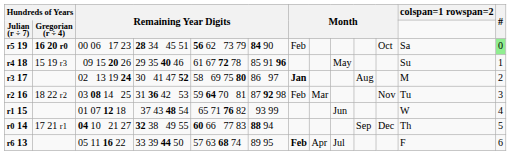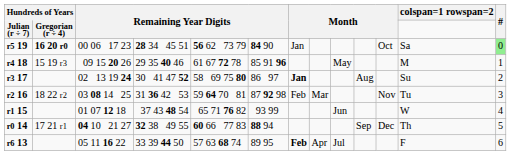 <table class=wikitable>
 <tr>
 <th colspan=2 style="line-height:10px; border-bottom:none"><small>Hundreds of Years</small></th>
 <th colspan=4 rowspan=2>Remaining Year Digits</th>
 <th colspan=5 rowspan=2>Month</th>
 <th>colspan=1 rowspan=2 </th>
 <th colspan=1 rowspan=2>#</th>
 </tr>
 <tr>
 <th style="border-top:none; line-height:10px"><small>Julian<br>(r ÷ 7)</small></th>
 <th style="border-top:none; line-height:10px"><small>Gregorian<br>(r ÷ 4)</small></th>
 </tr>
 <tr>
 <td><small><strong>r5</strong></small> <strong>19</strong></td>
 <td><strong>16</strong> <strong>20</strong> <small><strong>r0</strong></small></td>
 <td>00 06   17 23</td>
 <td><strong>28</strong> 34   45 51</td>
 <td><strong>56</strong> 62   73 79</td>
 <td><strong>84</strong> 90</td>
-<td>Feb</td>
+<td>Jan</td>
 <td></td>
 <td></td>
 <td></td>
 <td>Oct</td>
 <td>Sa</td>
 <td style="background: lightgreen;">0</td>
 </tr>
 <tr>
 <td><small><strong>r4</strong></small> <strong>18</strong></td>
 <td>15 19 <small>r3</small></td>
 <td>  09 15 <strong>20</strong> 26</td>
 <td>29 35 <strong>40</strong> 46</td>
 <td>61 67 <strong>72</strong> 78</td>
 <td>85 91 <strong>96</strong></td>
 <td></td>
 <td></td>
 <td>May</td>
 <td></td>
 <td></td>
-<td>Su</td>
+<td>M</td>
 <td>1</td>
 </tr>
 <tr>
 <td><small><strong>r3</strong></small> <strong>17</strong></td>
 <td></td>
 <td>02   13 19 <strong>24</strong></td>
 <td>30   41 47 <strong>52</strong></td>
 <td>58   69 75 <strong>80</strong></td>
 <td>86   97</td>
 <td><strong>Jan</strong></td>
 <td></td>
 <td></td>
 <td>Aug</td>
 <td></td>
-<td>M</td>
+<td>Su</td>
 <td>2</td>
 </tr>
 <tr>
 <td><small><strong>r2</strong></small> <strong>16</strong></td>
 <td>18 22 <small>r2</small></td>
 <td>03 <strong>08</strong> 14   25</td>
 <td>31 <strong>36</strong> 42   53</td>
 <td>59 <strong>64</strong> 70   81</td>
 <td>87 <strong>92</strong> 98</td>
 <td>Feb</td>
 <td>Mar</td>
 <td></td>
 <td></td>
 <td>Nov</td>
 <td>Tu</td>
 <td>3</td>
 </tr>
 <tr>
 <td><small><strong>r1</strong></small> <strong>15</strong></td>
 <td></td>
 <td>01 07 <strong>12</strong> 18</td>
 <td>  37 43 <strong>48</strong> 54</td>
 <td>  65 71 <strong>76</strong> 82</td>
 <td>  93 99</td>
 <td></td>
 <td></td>
 <td>Jun</td>
 <td></td>
 <td></td>
 <td>W</td>
 <td>4</td>
 </tr>
 <tr>
 <td><small><strong>r0</strong></small> <strong>14</strong></td>
 <td>17 21 <small>r1</small></td>
 <td><strong>04</strong> 10   21 27</td>
 <td><strong>32</strong> 38   49 55</td>
 <td><strong>60</strong> 66   77 83</td>
 <td><strong>88</strong> 94</td>
 <td></td>
 <td></td>
 <td></td>
 <td>Sep</td>
 <td>Dec</td>
 <td>Th</td>
 <td>5</td>
 </tr>
 <tr>
 <td><small><strong>r6</strong></small> <strong>13</strong></td>
 <td></td>
 <td>05 11 <strong>16</strong> 22</td>
 <td>33 39 <strong>44</strong> 50</td>
 <td>57 63 <strong>68</strong> 74</td>
 <td>89 95</td>
 <td><strong>Feb</strong></td>
 <td>Apr</td>
 <td>Jul</td>
 <td></td>
 <td></td>
 <td>F</td>
 <td>6</td>
 </tr>
 </table>
